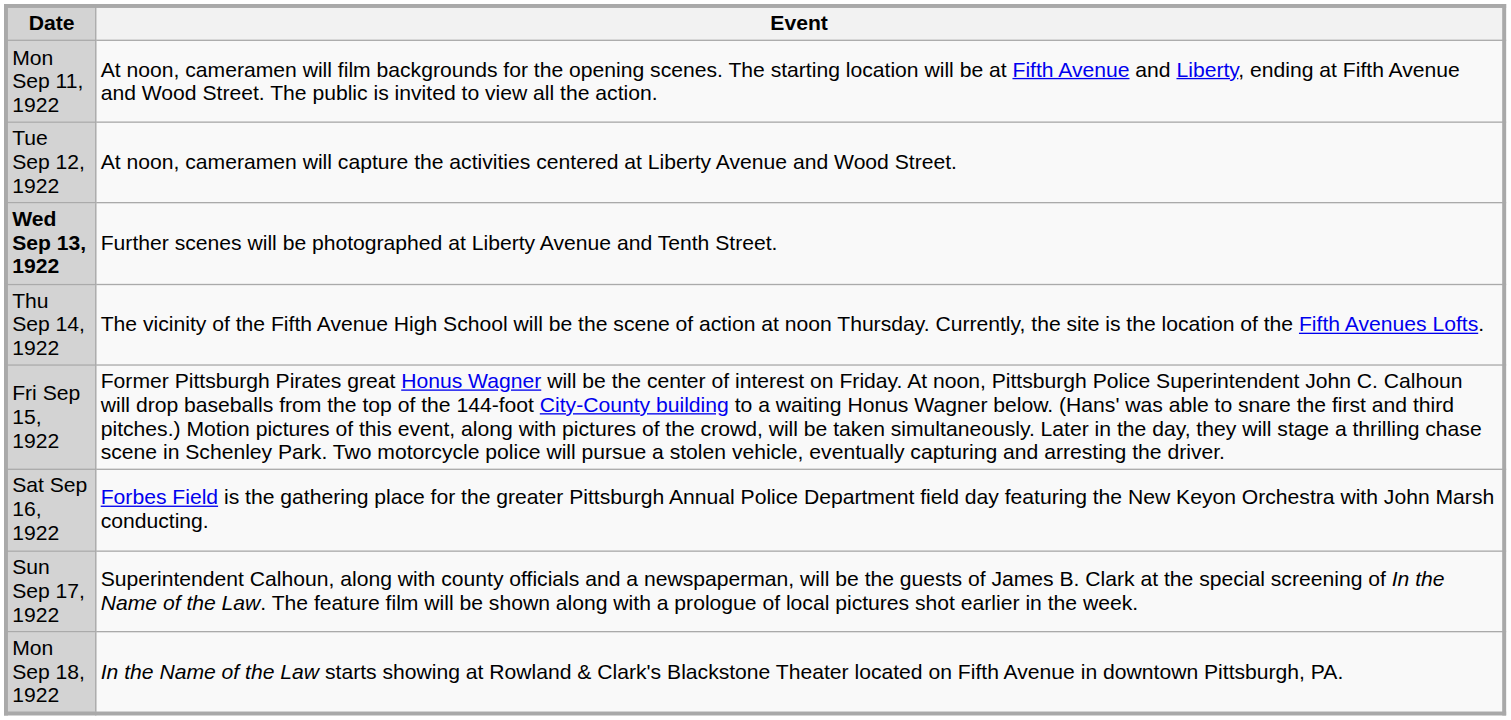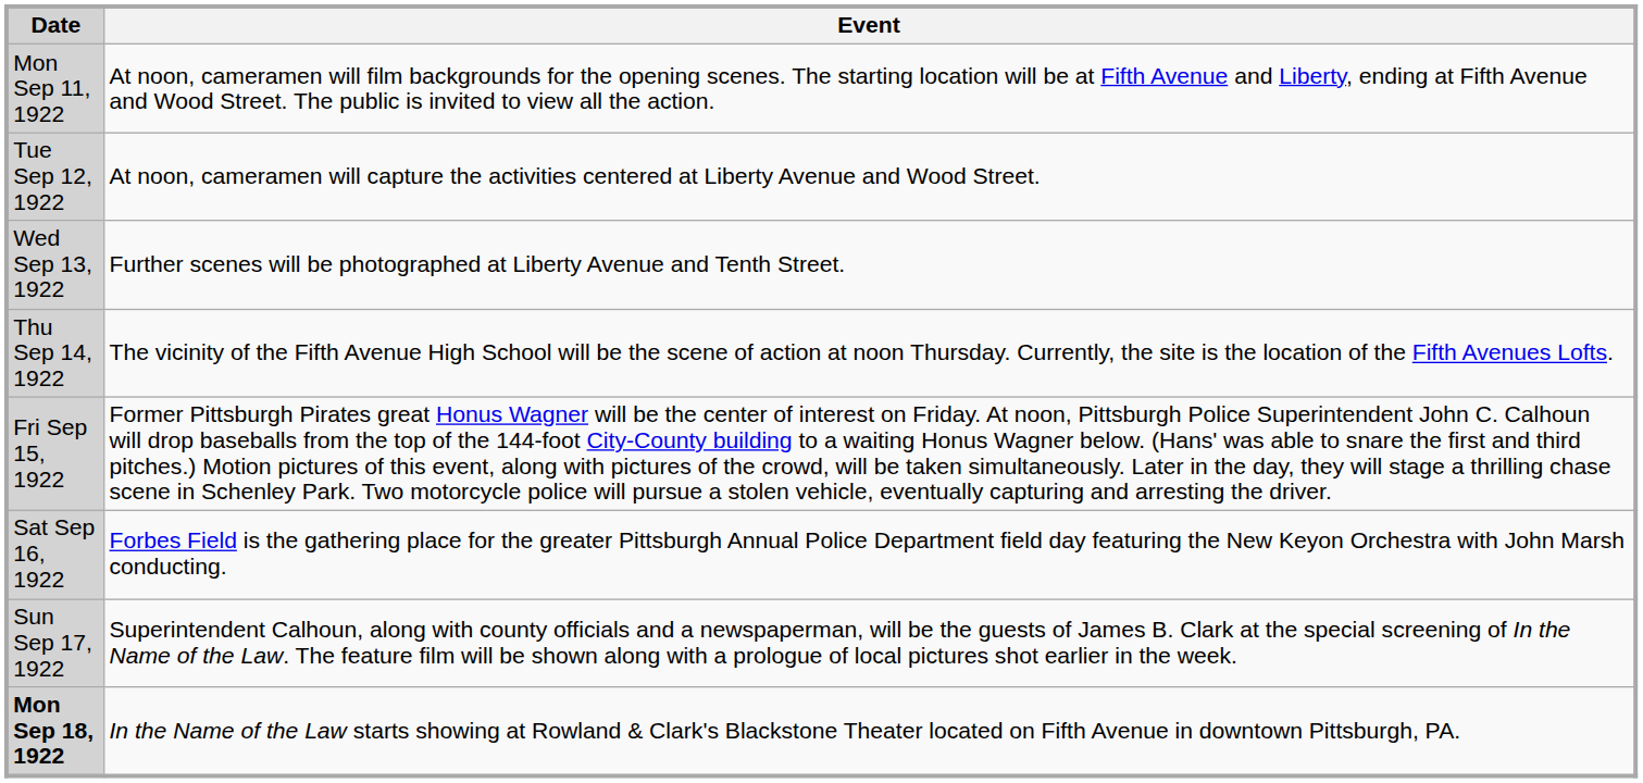 <table class="wikitable"  style="text-align: left; width: 90%; height: 20%; border-spacing: 6px; border: 3px solid darkgray; ">
 <tr>
 <th style="background: lightgray;">Date</th>
 <th style="">Event</th>
 </tr>
 <tr>
 <td style="background: lightgray">Mon Sep 11, 1922</td>
 <td>At noon, cameramen will film backgrounds for the opening scenes. The starting location will be at <a href='#'>Fifth Avenue</a> and <a href='#'>Liberty</a>, ending at Fifth Avenue and Wood Street. The public is invited to view all the action.</td>
 </tr>
 <tr>
 <td style=" background: lightgray">Tue Sep 12, 1922</td>
 <td>At noon, cameramen will capture the activities centered at Liberty Avenue and Wood Street.</td>
 </tr>
 <tr>
-<td style="background: lightgray"><strong>Wed Sep 13, 1922</strong></td>
+<td style="background: lightgray">Wed Sep 13, 1922</td>
 <td>Further scenes will be photographed at Liberty Avenue and Tenth Street.</td>
 </tr>
 <tr>
 <td style=" background: lightgray">Thu Sep 14, 1922</td>
 <td>The vicinity of the Fifth Avenue High School will be the scene of action at noon Thursday. Currently, the site is the location of the <a href='#'>Fifth Avenues Lofts</a>.</td>
 </tr>
 <tr>
 <td style="background: lightgray">Fri Sep 15, 1922</td>
 <td>Former Pittsburgh Pirates great <a href='#'>Honus Wagner</a> will be the center of interest on Friday.  At noon, Pittsburgh Police Superintendent John C. Calhoun will drop baseballs from the top of the 144-foot <a href='#'>City-County building</a> to a waiting Honus Wagner below. (Hans' was able to snare the first and third pitches.) Motion pictures of this event, along with pictures of the crowd, will be taken simultaneously. Later in the day, they will stage a thrilling chase scene in Schenley Park. Two motorcycle police will pursue a stolen vehicle, eventually capturing and arresting the driver.</td>
 </tr>
 <tr>
 <td style=" background: lightgray">Sat Sep 16, 1922</td>
 <td><a href='#'>Forbes Field</a> is the gathering place for the greater Pittsburgh Annual Police Department field day featuring the New Keyon Orchestra with John Marsh conducting.</td>
 </tr>
 <tr>
 <td style=" background: lightgray">Sun Sep 17, 1922</td>
 <td>Superintendent Calhoun, along with county officials and a newspaperman, will be the guests of James B. Clark at the special screening of <em>In the Name of the Law</em>. The feature film will be shown along with a prologue of local pictures shot earlier in the week.</td>
 </tr>
 <tr>
-<td style="background: lightgray">Mon Sep 18, 1922</td>
+<td style="background: lightgray"><strong>Mon Sep 18, 1922</strong></td>
 <td><em>In the Name of the Law</em> starts showing at Rowland & Clark's Blackstone Theater located on Fifth Avenue in downtown Pittsburgh, PA.</td>
 </tr>
 </table>
